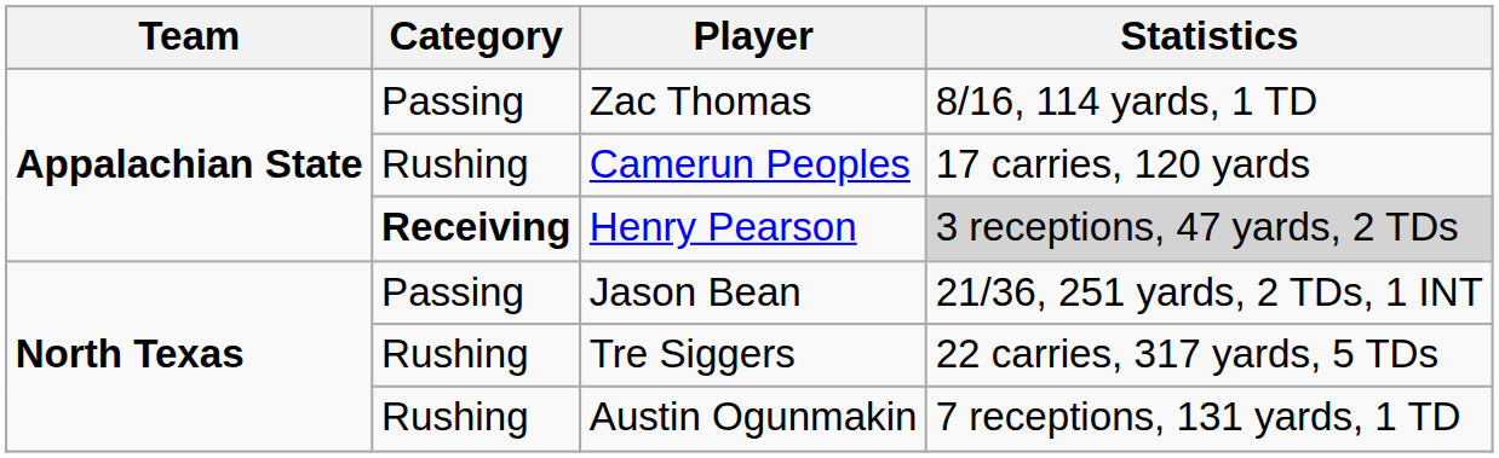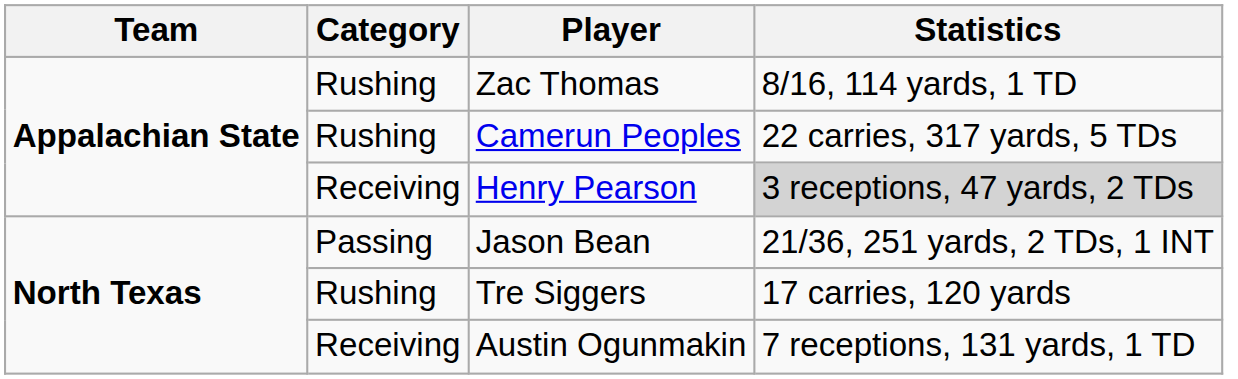 <table class="wikitable" style="float: left;">
 <tr>
 <th>Team</th>
 <th>Category</th>
 <th>Player</th>
 <th>Statistics</th>
 </tr>
 <tr>
 <td rowspan=3><strong>Appalachian State</strong></td>
-<td>Passing</td>
+<td>Rushing</td>
 <td>Zac Thomas</td>
 <td>8/16, 114 yards, 1 TD</td>
 </tr>
 <tr>
 <td>Rushing</td>
 <td><a href='#'>Camerun Peoples</a></td>
-<td>17 carries, 120 yards</td>
+<td>22 carries, 317 yards, 5 TDs</td>
 </tr>
 <tr>
-<td><strong>Receiving</strong></td>
+<td>Receiving</td>
 <td><a href='#'>Henry Pearson</a></td>
 <td style="background: lightgrey;">3 receptions, 47 yards, 2 TDs</td>
 </tr>
 <tr>
 <td rowspan=3><strong>North Texas</strong></td>
 <td>Passing</td>
 <td>Jason Bean</td>
 <td>21/36, 251 yards, 2 TDs, 1 INT</td>
 </tr>
 <tr>
 <td>Rushing</td>
 <td>Tre Siggers</td>
-<td>22 carries, 317 yards, 5 TDs</td>
+<td>17 carries, 120 yards</td>
 </tr>
 <tr>
-<td>Rushing</td>
+<td>Receiving</td>
 <td>Austin Ogunmakin</td>
 <td>7 receptions, 131 yards, 1 TD</td>
 </tr>
 </table>
